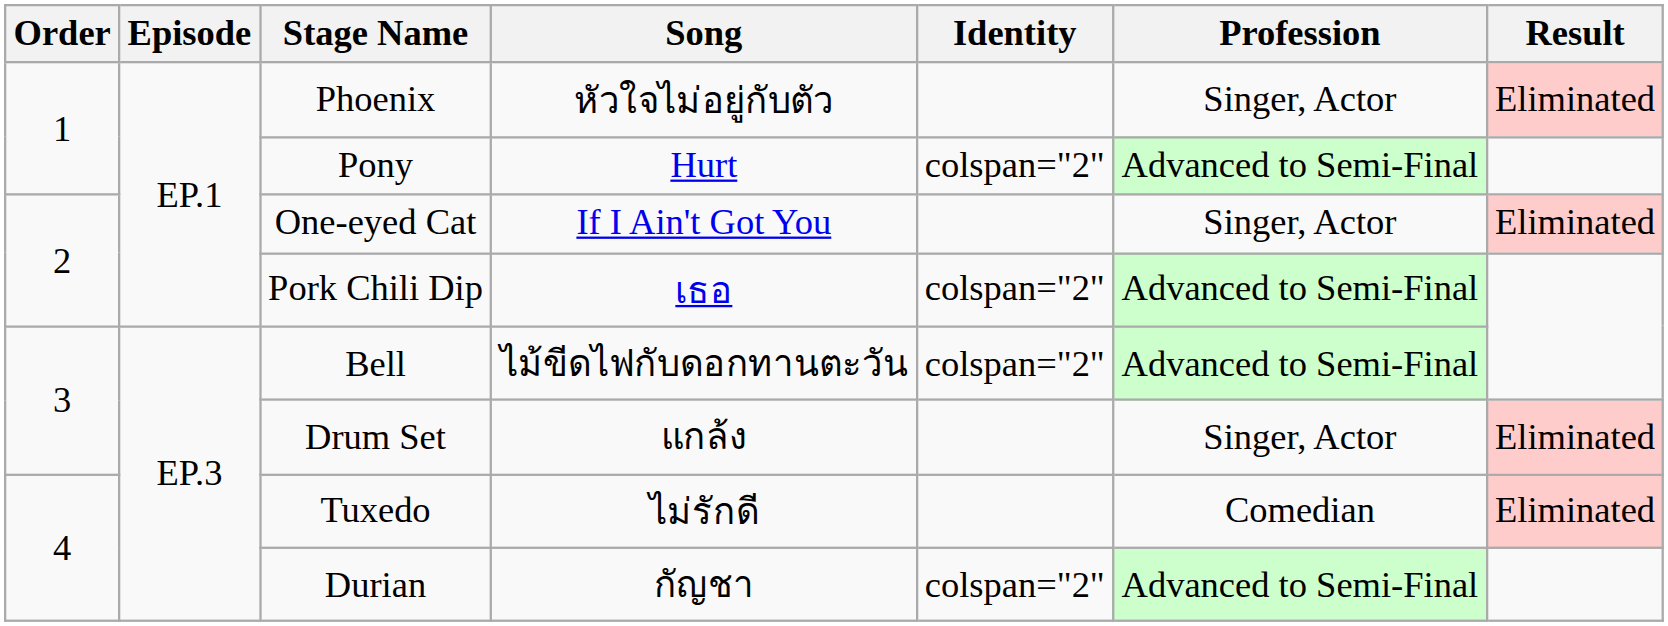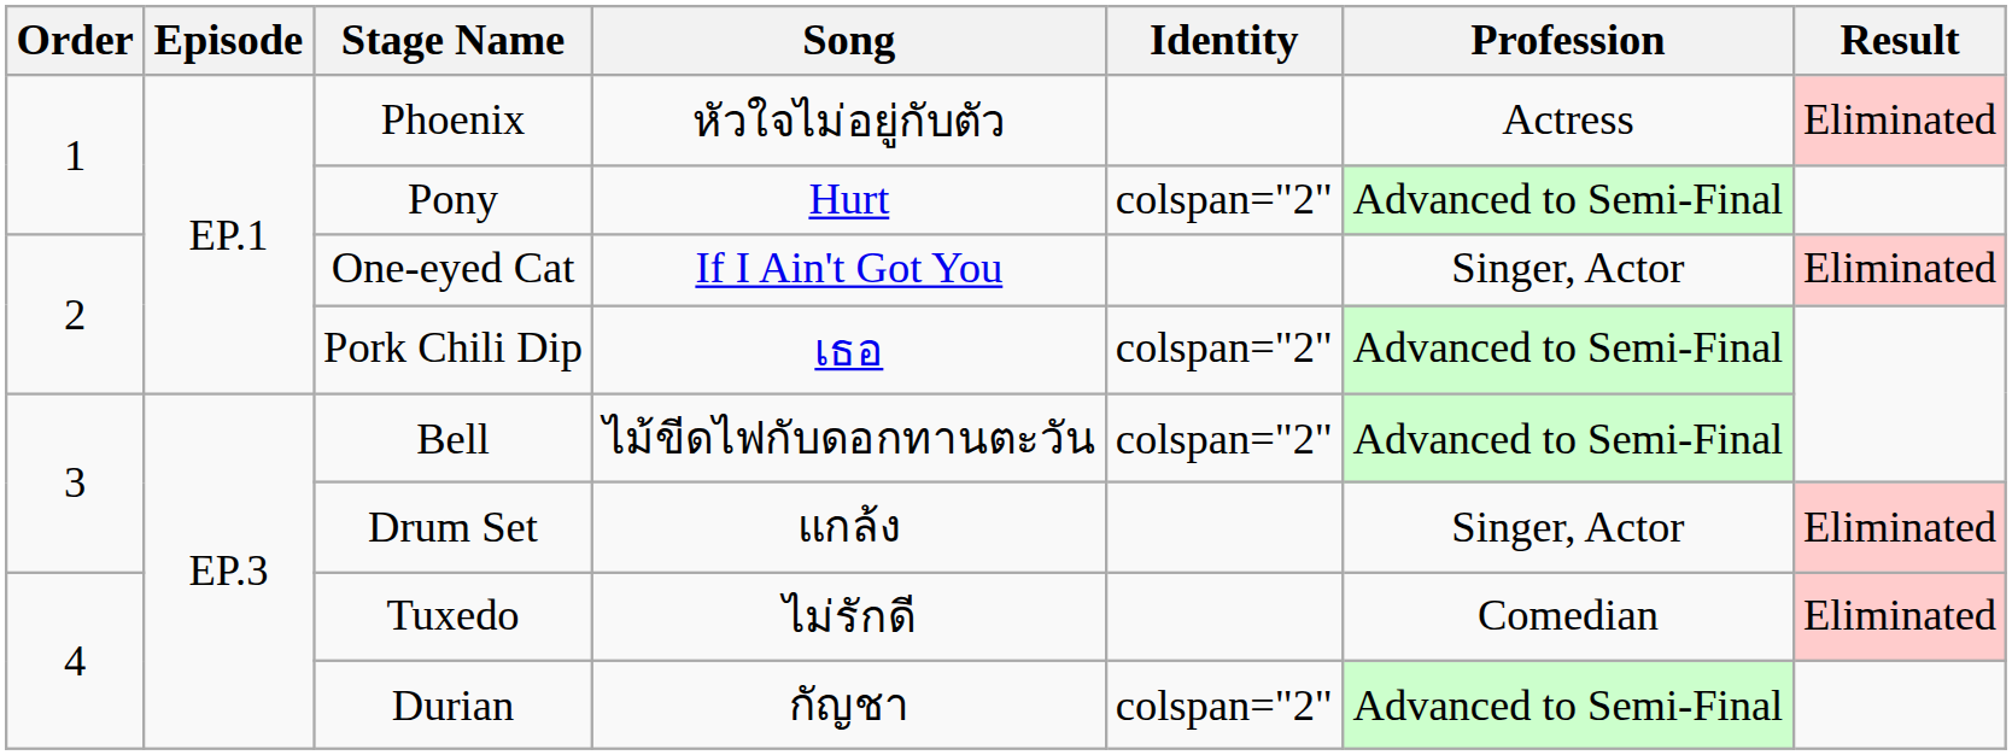 <table class="wikitable">
 <tr>
 <th>Order</th>
 <th>Episode</th>
 <th>Stage Name</th>
 <th>Song</th>
 <th>Identity</th>
 <th>Profession</th>
 <th>Result</th>
 </tr>
 <tr>
 <td rowspan="2" align="center">1</td>
 <td rowspan="4" align="center">EP.1</td>
 <td align="center">Phoenix</td>
 <td align="center">หัวใจไม่อยู่กับตัว</td>
 <td align="center"></td>
-<td align="center">Singer, Actor</td>
+<td align="center">Actress</td>
 <td align="center" style="background:#ffcccc">Eliminated</td>
 </tr>
 <tr>
 <td align="center">Pony</td>
 <td align="center"><a href='#'>Hurt</a></td>
 <td>colspan="2" </td>
 <td align="center" style="background:#ccffcc">Advanced to Semi-Final</td>
 </tr>
 <tr>
 <td rowspan="2" align="center">2</td>
 <td align="center">One-eyed Cat</td>
 <td align="center"><a href='#'>If I Ain't Got You</a></td>
 <td align="center"></td>
 <td align="center">Singer, Actor</td>
 <td align="center" style="background:#ffcccc">Eliminated</td>
 </tr>
 <tr>
 <td align="center">Pork Chili Dip</td>
 <td align="center"><a href='#'>เธอ</a></td>
 <td>colspan="2" </td>
 <td align="center" style="background:#ccffcc">Advanced to Semi-Final</td>
 </tr>
 <tr>
 <td rowspan="2" align="center">3</td>
 <td rowspan="4" align="center">EP.3</td>
 <td align="center">Bell</td>
 <td align="center">ไม้ขีดไฟกับดอกทานตะวัน</td>
 <td>colspan="2" </td>
 <td align="center" style="background:#ccffcc">Advanced to Semi-Final</td>
 </tr>
 <tr>
 <td align="center">Drum Set</td>
 <td align="center">แกล้ง</td>
 <td align="center"></td>
 <td align="center">Singer, Actor</td>
 <td align="center" style="background:#ffcccc">Eliminated</td>
 </tr>
 <tr>
 <td rowspan="2" align="center">4</td>
 <td align="center">Tuxedo</td>
 <td align="center">ไม่รักดี</td>
 <td align="center"></td>
 <td align="center">Comedian</td>
 <td align="center" style="background:#ffcccc">Eliminated</td>
 </tr>
 <tr>
 <td align="center">Durian</td>
 <td align="center">กัญชา</td>
 <td>colspan="2"  </td>
 <td align="center" style="background:#ccffcc">Advanced to Semi-Final</td>
 </tr>
 </table>
